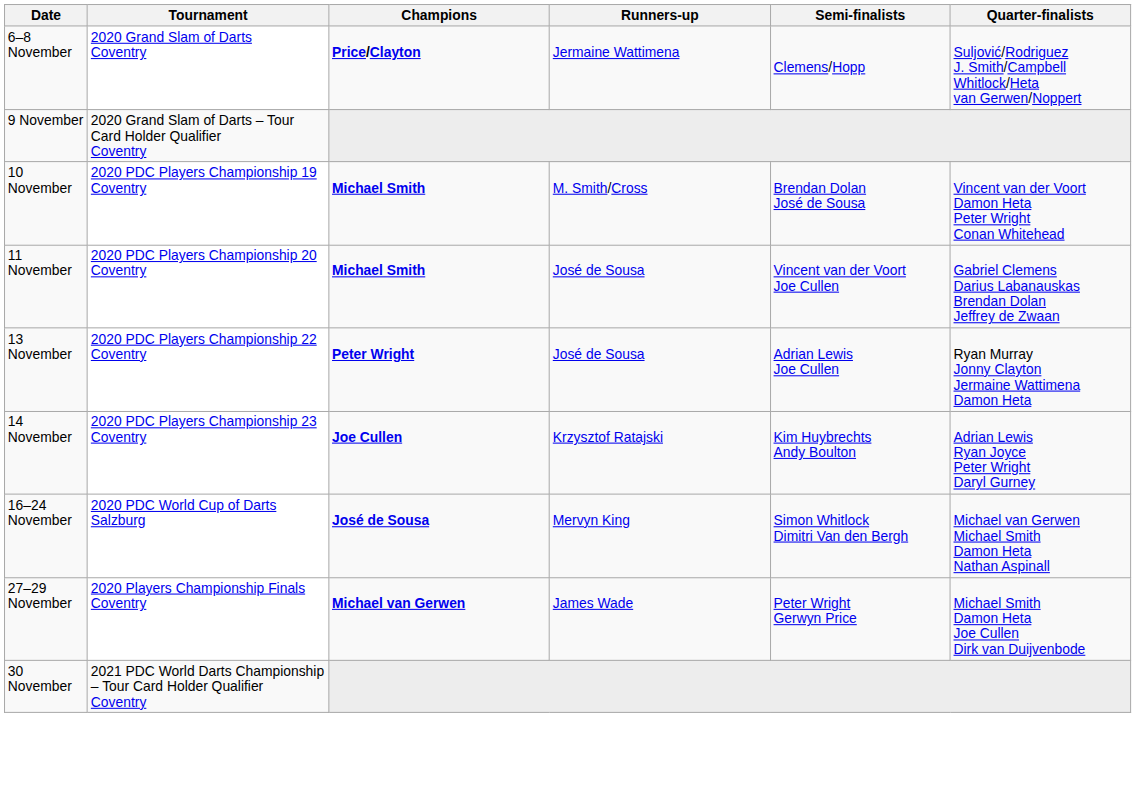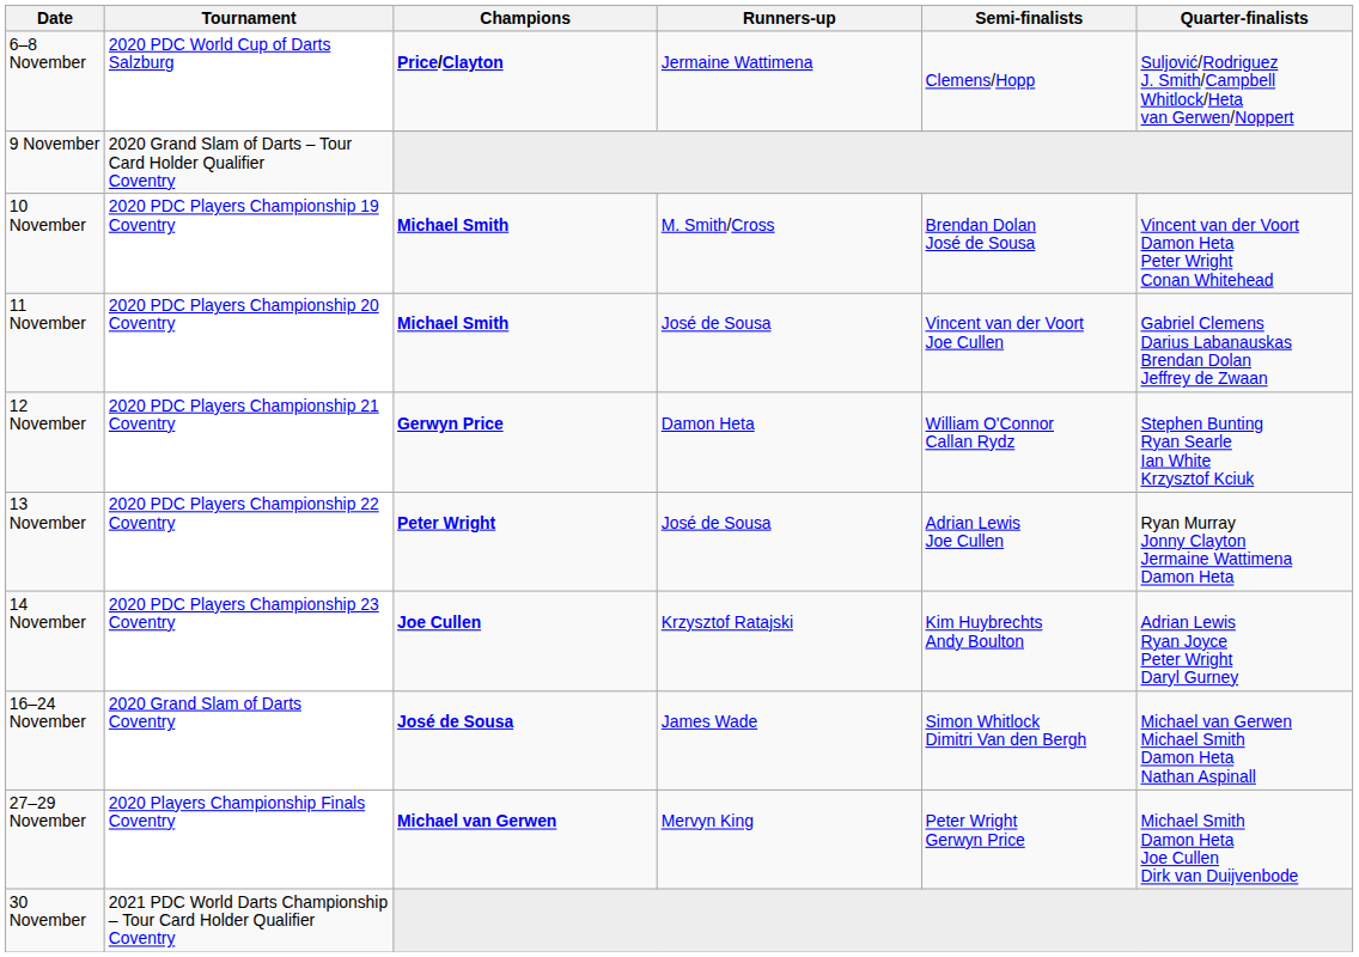 <table class=wikitable style=font-size:85%>
 <tr>
 <th width=75>Date</th>
 <th width=230>Tournament</th>
 <th width=210>Champions</th>
 <th width=210>Runners-up</th>
 <th width=170>Semi-finalists</th>
 <th width=170>Quarter-finalists</th>
 </tr>
 <tr valign="top">
 <td>6–8 November</td>
-<td bgcolor="#ffffff"><a href='#'>2020 Grand Slam of Darts</a><br> <a href='#'>Coventry</a></td>
+<td bgcolor="#ffffff"><a href='#'>2020 PDC World Cup of Darts</a><br> <a href='#'>Salzburg</a></td>
 <td><br> <strong><a href='#'>Price</a>/<a href='#'>Clayton</a></strong></td>
 <td><br> <a href='#'>Jermaine Wattimena</a></td>
 <td><br> <br>  <a href='#'>Clemens</a>/<a href='#'>Hopp</a></td>
 <td><br> <a href='#'>Suljović</a>/<a href='#'>Rodriguez</a> <br>  <a href='#'>J. Smith</a>/<a href='#'>Campbell</a> <br>  <a href='#'>Whitlock</a>/<a href='#'>Heta</a> <br>  <a href='#'>van Gerwen</a>/<a href='#'>Noppert</a></td>
 </tr>
 <tr valign="top">
 <td rowspan=1>9 November</td>
 <td>2020 Grand Slam of Darts – Tour Card Holder Qualifier<br> <a href='#'>Coventry</a></td>
 <td colspan=4 bgcolor="#ededed"></td>
 </tr>
 <tr valign="top">
 <td>10 November</td>
 <td bgcolor="#ffffff"><a href='#'>2020 PDC Players Championship 19</a><br> <a href='#'>Coventry</a></td>
 <td><br> <strong><a href='#'>Michael Smith</a></strong></td>
 <td><br> <a href='#'>M. Smith</a>/<a href='#'>Cross</a></td>
 <td><br> <a href='#'>Brendan Dolan</a> <br>  <a href='#'>José de Sousa</a></td>
 <td><br> <a href='#'>Vincent van der Voort</a> <br>  <a href='#'>Damon Heta</a> <br>  <a href='#'>Peter Wright</a> <br>  <a href='#'>Conan Whitehead</a></td>
 </tr>
 <tr valign="top">
 <td>11 November</td>
 <td bgcolor="#ffffff"><a href='#'>2020 PDC Players Championship 20</a><br> <a href='#'>Coventry</a></td>
 <td><br> <strong><a href='#'>Michael Smith</a></strong></td>
 <td><br> <a href='#'>José de Sousa</a></td>
 <td><br> <a href='#'>Vincent van der Voort</a> <br>  <a href='#'>Joe Cullen</a></td>
 <td><br> <a href='#'>Gabriel Clemens</a> <br>  <a href='#'>Darius Labanauskas</a> <br>  <a href='#'>Brendan Dolan</a> <br>  <a href='#'>Jeffrey de Zwaan</a></td>
 </tr>
 <tr valign="top">
+<td>12 November</td>
+<td bgcolor="#ffffff"><a href='#'>2020 PDC Players Championship 21</a><br> <a href='#'>Coventry</a></td>
+<td><br> <strong><a href='#'>Gerwyn Price</a></strong></td>
+<td><br> <a href='#'>Damon Heta</a></td>
+<td><br> <a href='#'>William O'Connor</a> <br>  <a href='#'>Callan Rydz</a></td>
+<td><br> <a href='#'>Stephen Bunting</a> <br>  <a href='#'>Ryan Searle</a> <br>  <a href='#'>Ian White</a> <br>  <a href='#'>Krzysztof Kciuk</a></td>
+</tr>
+<tr valign="top">
 <td>13 November</td>
 <td bgcolor="#ffffff"><a href='#'>2020 PDC Players Championship 22</a><br> <a href='#'>Coventry</a></td>
 <td><br> <strong><a href='#'>Peter Wright</a></strong></td>
 <td><br> <a href='#'>José de Sousa</a></td>
 <td><br> <a href='#'>Adrian Lewis</a> <br>  <a href='#'>Joe Cullen</a></td>
 <td><br> Ryan Murray <br>  <a href='#'>Jonny Clayton</a> <br>  <a href='#'>Jermaine Wattimena</a> <br>  <a href='#'>Damon Heta</a></td>
 </tr>
 <tr valign="top">
 <td>14 November</td>
 <td bgcolor="#ffffff"><a href='#'>2020 PDC Players Championship 23</a><br> <a href='#'>Coventry</a></td>
 <td><br> <strong><a href='#'>Joe Cullen</a></strong></td>
 <td><br> <a href='#'>Krzysztof Ratajski</a></td>
 <td><br> <a href='#'>Kim Huybrechts</a> <br>  <a href='#'>Andy Boulton</a></td>
 <td><br> <a href='#'>Adrian Lewis</a> <br>  <a href='#'>Ryan Joyce</a> <br>  <a href='#'>Peter Wright</a> <br>  <a href='#'>Daryl Gurney</a></td>
 </tr>
 <tr valign="top">
 <td>16–24 November</td>
-<td bgcolor="#ffffff"><a href='#'>2020 PDC World Cup of Darts</a><br> <a href='#'>Salzburg</a></td>
+<td bgcolor="#ffffff"><a href='#'>2020 Grand Slam of Darts</a><br> <a href='#'>Coventry</a></td>
 <td><br> <strong><a href='#'>José de Sousa</a></strong></td>
-<td><br> <a href='#'>Mervyn King</a></td>
+<td><br> <a href='#'>James Wade</a></td>
 <td><br> <a href='#'>Simon Whitlock</a> <br>  <a href='#'>Dimitri Van den Bergh</a></td>
 <td><br> <a href='#'>Michael van Gerwen</a> <br>  <a href='#'>Michael Smith</a> <br>  <a href='#'>Damon Heta</a> <br>  <a href='#'>Nathan Aspinall</a></td>
 </tr>
 <tr valign="top">
 <td>27–29 November</td>
 <td bgcolor="#ffffff"><a href='#'>2020 Players Championship Finals</a><br> <a href='#'>Coventry</a></td>
 <td><br> <strong><a href='#'>Michael van Gerwen</a></strong></td>
-<td><br> <a href='#'>James Wade</a></td>
+<td><br> <a href='#'>Mervyn King</a></td>
 <td><br> <a href='#'>Peter Wright</a> <br>  <a href='#'>Gerwyn Price</a></td>
 <td><br> <a href='#'>Michael Smith</a> <br>  <a href='#'>Damon Heta</a> <br>  <a href='#'>Joe Cullen</a> <br>  <a href='#'>Dirk van Duijvenbode</a></td>
 </tr>
 <tr valign="top">
 <td rowspan=1>30 November</td>
 <td>2021 PDC World Darts Championship – Tour Card Holder Qualifier<br> <a href='#'>Coventry</a></td>
 <td colspan=4 bgcolor="#ededed"></td>
 </tr>
 </table>
